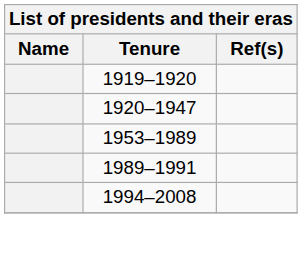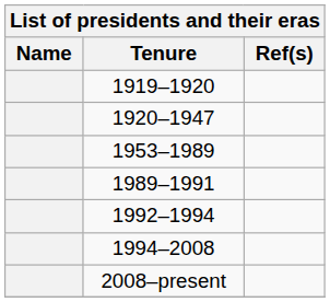 <table class="wikitable sortable plainrowheaders" style="text-align:center">
 <tr>
 <th colspan=3>List of presidents and their eras</th>
 </tr>
 <tr>
 <th scope="col">Name</th>
 <th scope="col">Tenure</th>
 <th scope="col" class="unsortable">Ref(s)</th>
 </tr>
 <tr>
 <th scope="row"></th>
 <td>1919–1920</td>
 <td></td>
 </tr>
 <tr>
 <th scope="row"></th>
 <td>1920–1947</td>
 <td></td>
 </tr>
 <tr>
 <th scope="row"></th>
 <td>1953–1989</td>
 <td></td>
 </tr>
 <tr>
 <th scope="row"></th>
 <td>1989–1991</td>
 <td></td>
 </tr>
 <tr>
 <th scope="row"></th>
+<td>1992–1994</td>
+<td></td>
+</tr>
+<tr>
+<th scope="row"></th>
 <td>1994–2008</td>
+<td></td>
+</tr>
+<tr>
+<th scope="row"></th>
+<td>2008–present</td>
 <td></td>
 </tr>
 <tr>
 </tr>
 </table>
